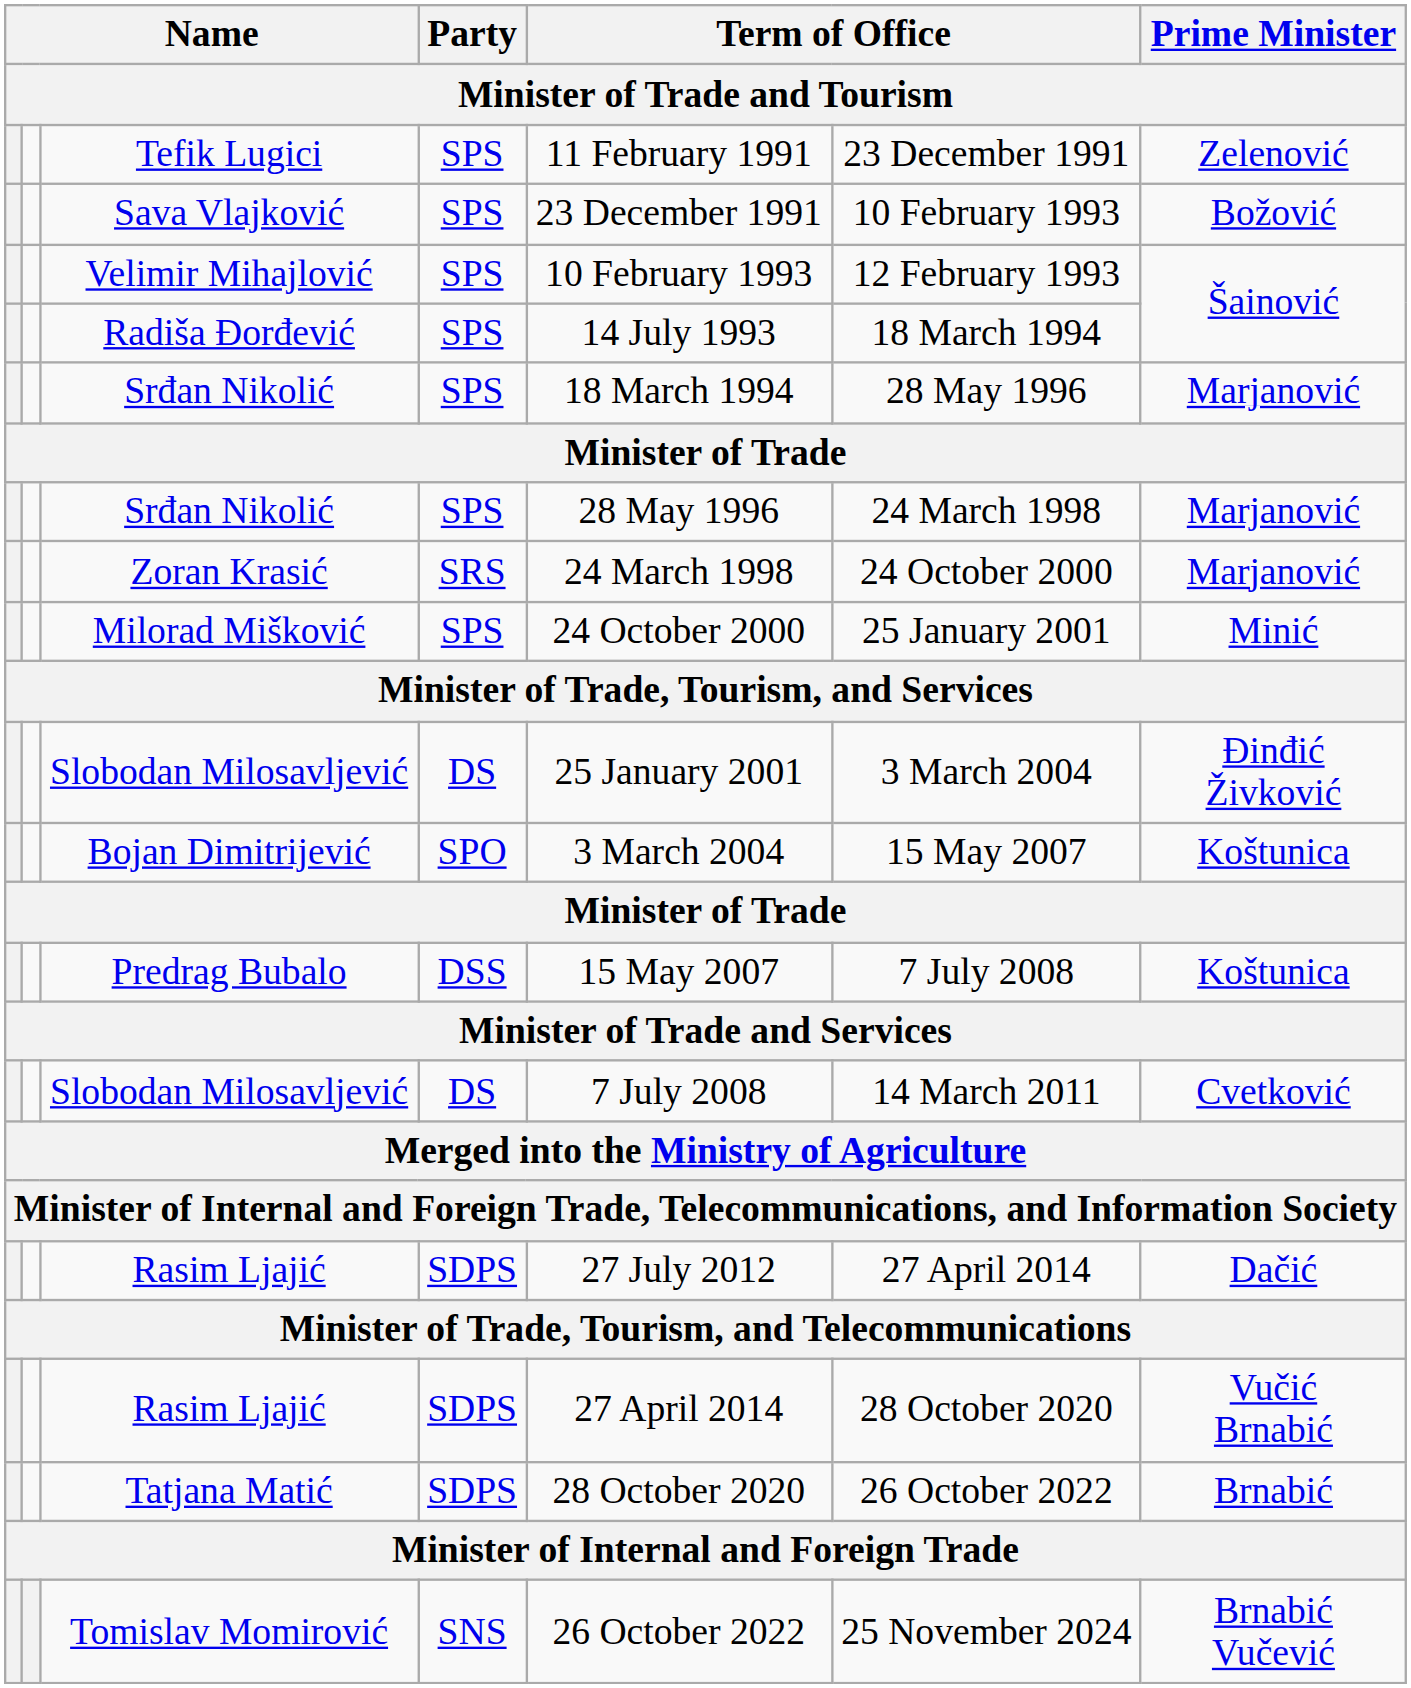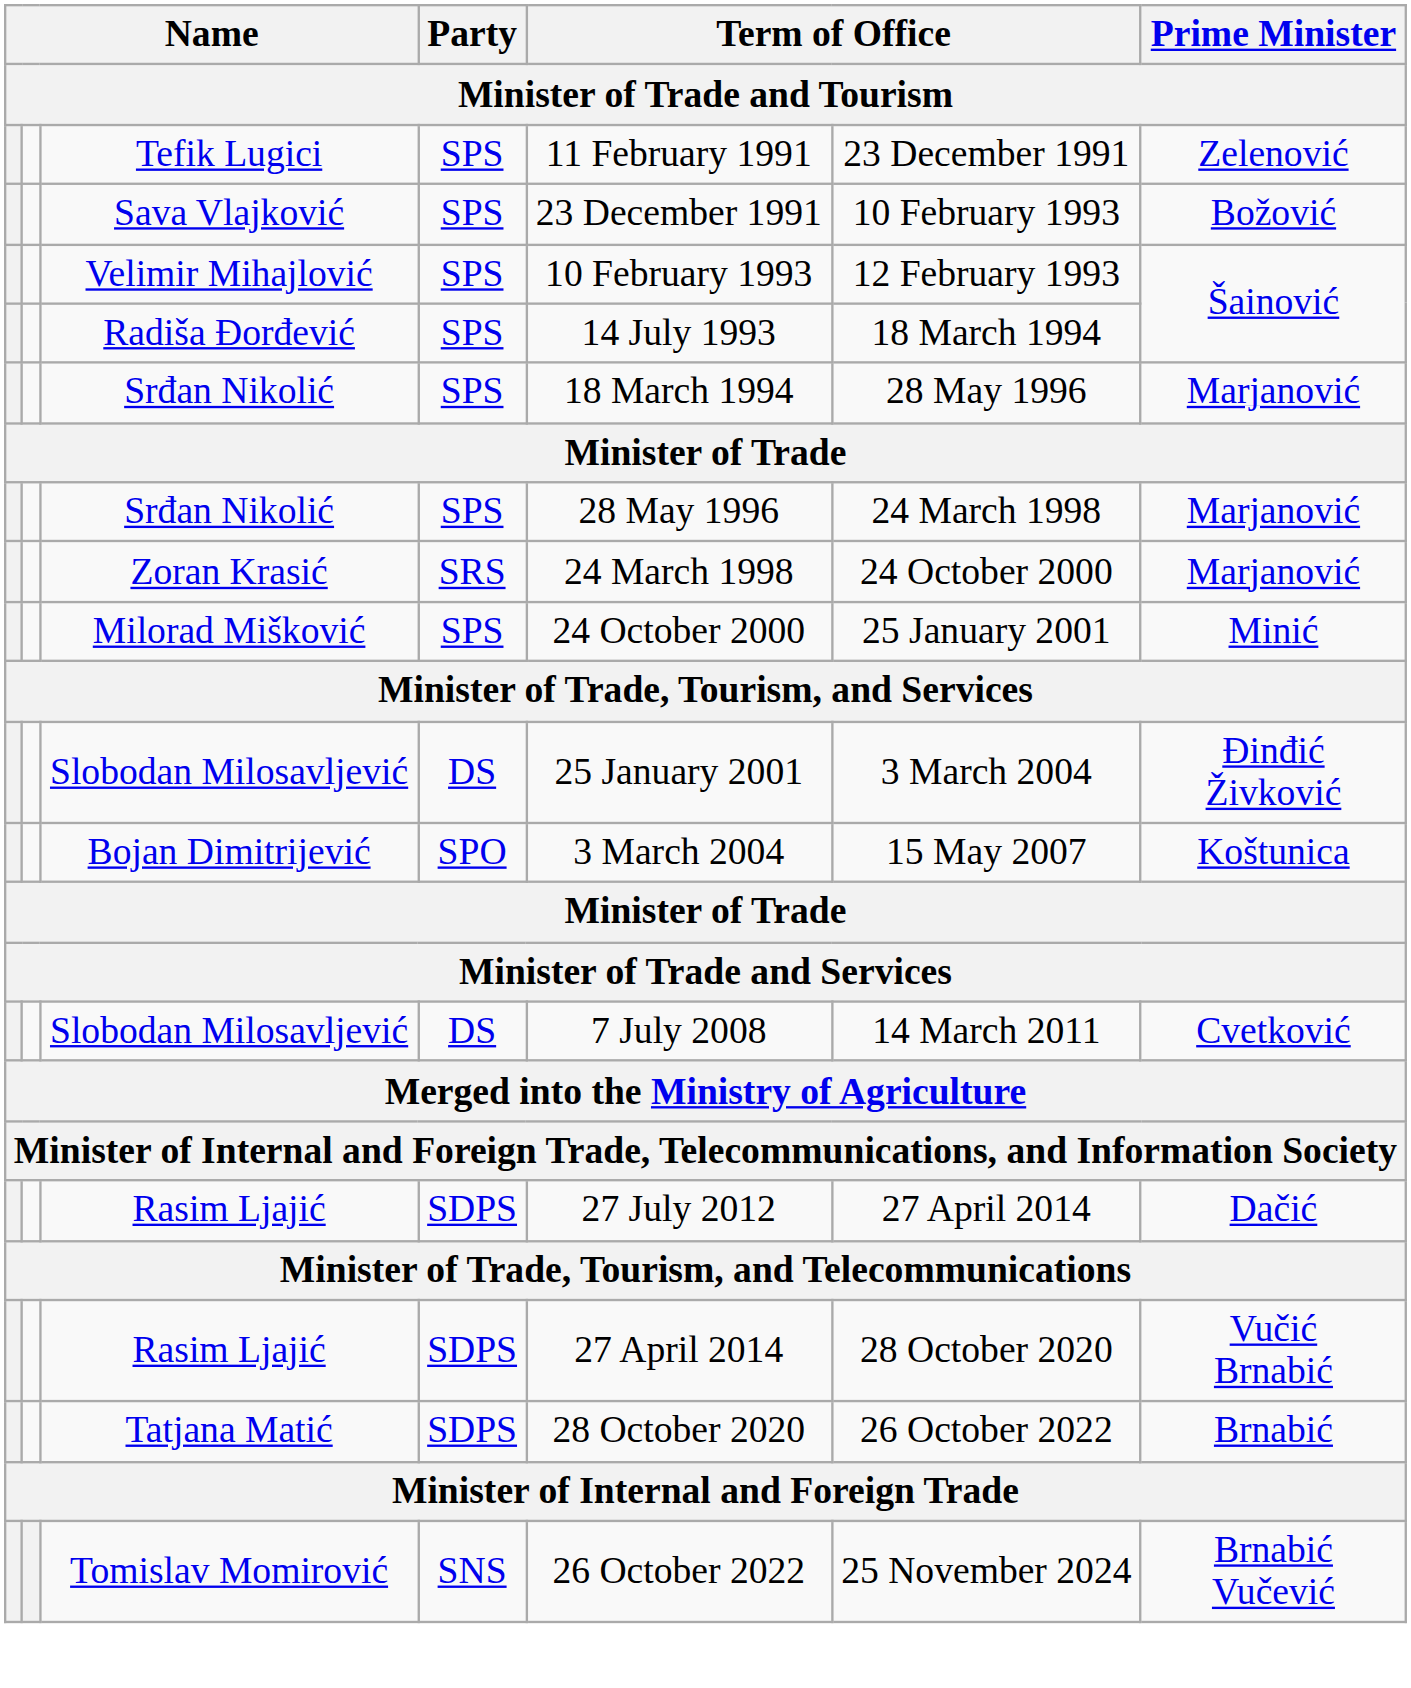 <table class="wikitable" style="text-align:center;">
 <tr>
 <th colspan=3>Name<br></th>
 <th>Party</th>
 <th colspan=2>Term of Office</th>
 <th><a href='#'>Prime Minister</a><br></th>
 </tr>
 <tr>
 <th colspan="7">Minister of Trade and Tourism</th>
 </tr>
 <tr>
 <th style="background:"></th>
 <td></td>
 <td><a href='#'>Tefik Lugici</a><br></td>
 <td><a href='#'>SPS</a></td>
 <td>11 February 1991</td>
 <td>23 December 1991</td>
 <td><a href='#'>Zelenović</a> </td>
 </tr>
 <tr>
 <th style="background:"></th>
 <td></td>
 <td><a href='#'>Sava Vlajković</a><br></td>
 <td><a href='#'>SPS</a></td>
 <td>23 December 1991</td>
 <td>10 February 1993</td>
 <td><a href='#'>Božović</a> </td>
 </tr>
 <tr>
 <th style="background:"></th>
 <td></td>
 <td><a href='#'>Velimir Mihajlović</a></td>
 <td><a href='#'>SPS</a></td>
 <td>10 February 1993</td>
 <td>12 February 1993</td>
 <td rowspan=2><a href='#'>Šainović</a> </td>
 </tr>
 <tr>
 <th style="background:"></th>
 <td></td>
 <td><a href='#'>Radiša Đorđević</a></td>
 <td><a href='#'>SPS</a></td>
 <td>14 July 1993</td>
 <td>18 March 1994</td>
 </tr>
 <tr>
 <th style="background:"></th>
 <td></td>
 <td><a href='#'>Srđan Nikolić</a><br></td>
 <td><a href='#'>SPS</a></td>
 <td>18 March 1994</td>
 <td>28 May 1996</td>
 <td><a href='#'>Marjanović</a> </td>
 </tr>
 <tr>
 <th colspan="7">Minister of Trade</th>
 </tr>
 <tr>
 <th style="background:"></th>
 <td></td>
 <td><a href='#'>Srđan Nikolić</a><br></td>
 <td><a href='#'>SPS</a></td>
 <td>28 May 1996</td>
 <td>24 March 1998</td>
 <td><a href='#'>Marjanović</a> </td>
 </tr>
 <tr>
 <th style="background:"></th>
 <td></td>
 <td><a href='#'>Zoran Krasić</a><br></td>
 <td><a href='#'>SRS</a></td>
 <td>24 March 1998</td>
 <td>24 October 2000</td>
 <td><a href='#'>Marjanović</a> </td>
 </tr>
 <tr>
 <th style="background:"></th>
 <td></td>
 <td><a href='#'>Milorad Mišković</a><br></td>
 <td><a href='#'>SPS</a></td>
 <td>24 October 2000</td>
 <td>25 January 2001</td>
 <td><a href='#'>Minić</a> </td>
 </tr>
 <tr>
 <th colspan="7">Minister of Trade, Tourism, and Services</th>
 </tr>
 <tr>
 <th style="background:"></th>
 <td></td>
 <td><a href='#'>Slobodan Milosavljević</a><br></td>
 <td><a href='#'>DS</a></td>
 <td>25 January 2001</td>
 <td>3 March 2004</td>
 <td><a href='#'>Đinđić</a> <br><a href='#'>Živković</a> </td>
 </tr>
 <tr>
 <th style="background:"></th>
 <td></td>
 <td><a href='#'>Bojan Dimitrijević</a><br></td>
 <td><a href='#'>SPO</a></td>
 <td>3 March 2004</td>
 <td>15 May 2007</td>
 <td><a href='#'>Koštunica</a> </td>
 </tr>
 <tr>
 <th colspan="7">Minister of Trade</th>
 </tr>
 <tr>
-<th style="background:"></th>
-<td></td>
-<td><a href='#'>Predrag Bubalo</a><br></td>
-<td><a href='#'>DSS</a></td>
-<td>15 May 2007</td>
-<td>7 July 2008</td>
-<td><a href='#'>Koštunica</a> </td>
-</tr>
-<tr>
 <th colspan="7">Minister of Trade and Services</th>
 </tr>
 <tr>
 <th style="background:"></th>
 <td></td>
 <td><a href='#'>Slobodan Milosavljević</a><br></td>
 <td><a href='#'>DS</a></td>
 <td>7 July 2008</td>
 <td>14 March 2011</td>
 <td><a href='#'>Cvetković</a> </td>
 </tr>
 <tr>
 <th colspan="7">Merged into the <a href='#'>Ministry of Agriculture</a></th>
 </tr>
 <tr>
 <th colspan="7">Minister of Internal and Foreign Trade, Telecommunications, and Information Society</th>
 </tr>
 <tr>
 <th style="background:"></th>
 <td></td>
 <td><a href='#'>Rasim Ljajić</a><br></td>
 <td><a href='#'>SDPS</a></td>
 <td>27 July 2012</td>
 <td>27 April 2014</td>
 <td><a href='#'>Dačić</a> </td>
 </tr>
 <tr>
 <th colspan="7">Minister of Trade, Tourism, and Telecommunications</th>
 </tr>
 <tr>
 <th style="background:"></th>
 <td></td>
 <td><a href='#'>Rasim Ljajić</a><br></td>
 <td><a href='#'>SDPS</a></td>
 <td>27 April 2014</td>
 <td>28 October 2020</td>
 <td><a href='#'>Vučić</a> <br><a href='#'>Brnabić</a> </td>
 </tr>
 <tr>
 <th style="background:"></th>
 <td></td>
 <td><a href='#'>Tatjana Matić</a><br></td>
 <td><a href='#'>SDPS</a></td>
 <td>28 October 2020</td>
 <td>26 October 2022</td>
 <td><a href='#'>Brnabić</a> </td>
 </tr>
 <tr>
 <th colspan="7">Minister of Internal and Foreign Trade</th>
 </tr>
 <tr>
 <th style="background:"></th>
 <th></th>
 <td><a href='#'>Tomislav Momirović</a><br></td>
 <td><a href='#'>SNS</a></td>
 <td>26 October 2022</td>
 <td>25 November 2024</td>
 <td><a href='#'>Brnabić</a> <br><a href='#'>Vučević</a> </td>
 </tr>
 </table>
